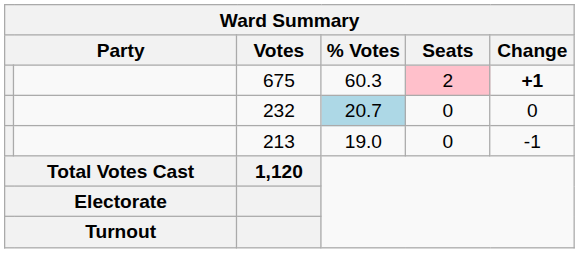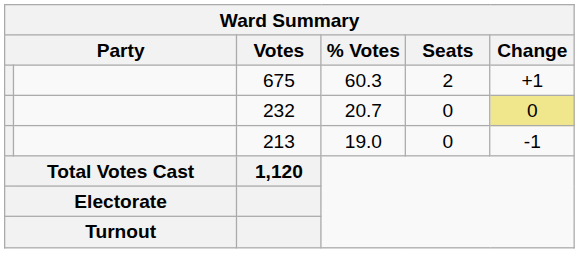 <table class="wikitable" style="font-size: 95%;">
 <tr style="background-color:#E9E9E9">
 <th colspan="6">Ward Summary</th>
 </tr>
 <tr style="background-color:#E9E9E9">
 <th colspan="2">Party</th>
 <th style="width: 60px">Votes</th>
 <th style="width: 60px">% Votes</th>
 <th style="width: 60px">Seats</th>
 <th style="width: 60px">Change</th>
 </tr>
 <tr>
 <th style="background-color: "></th>
 <td style="width: 170px"><a href='#'></a></td>
 <td align="center">675</td>
 <td align="center">60.3</td>
-<td align="center" style="background: pink;">2</td>
-<td align="center"><strong>+1</strong></td>
+<td align="center">2</td>
+<td align="center">+1</td>
 </tr>
 <tr>
 <th style="background-color: "></th>
 <td style="width: 170px"><a href='#'></a></td>
 <td align="center">232</td>
-<td align="center" style="background: lightblue;">20.7</td>
+<td align="center">20.7</td>
 <td align="center">0</td>
-<td align="center">0</td>
+<td align="center" style="background: khaki;">0</td>
 </tr>
 <tr>
 <th style="background-color: "></th>
 <td style="width: 170px"><a href='#'></a></td>
 <td align="center">213</td>
 <td align="center">19.0</td>
 <td align="center">0</td>
 <td align="center">-1</td>
 </tr>
 <tr style="background-color:#E9E9E9">
 <th colspan="2">Total Votes Cast</th>
 <th style="width: 60px">1,120</th>
 </tr>
 <tr style="background-color:#E9E9E9">
 <th colspan="2">Electorate</th>
 <th style="width: 60px"></th>
 </tr>
 <tr style="background-color:#E9E9E9">
 <th colspan="2">Turnout</th>
 <th style="width: 60px"></th>
 </tr>
 </table>
